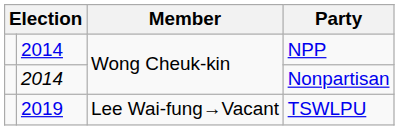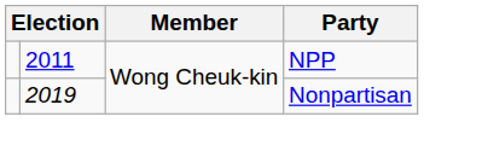 <table class="wikitable">
 <tr>
 <th colspan="2">Election</th>
 <th>Member</th>
 <th>Party</th>
 </tr>
 <tr>
 <td style="background-color: "></td>
-<td><a href='#'>2014</a></td>
+<td><a href='#'>2011</a></td>
 <td rowspan=2>Wong Cheuk-kin</td>
 <td><a href='#'>NPP</a></td>
 </tr>
 <tr>
 <td style="background-color: "></td>
-<td><em>2014</em></td>
+<td><em>2019</em></td>
 <td><a href='#'>Nonpartisan</a></td>
 </tr>
-<tr>
-<td style="background-color: "></td>
-<td><a href='#'>2019</a></td>
-<td>Lee Wai-fung→Vacant</td>
-<td><a href='#'>TSWLPU</a></td>
-</tr>
 </table>
